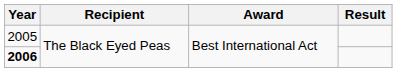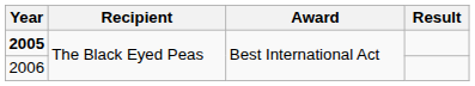 <table style="width: 75%;" class="wikitable">
 <tr>
 <th style="width:6%;"><strong>Year</strong></th>
 <th style="width:40%;"><strong>Recipient</strong></th>
 <th style="width:40%;"><strong>Award</strong></th>
 <th style="width:14%;"><strong>Result</strong></th>
 </tr>
 <tr>
-<td rowspan=1>2005</td>
+<td rowspan=1><strong>2005</strong></td>
 <td rowspan=2>The Black Eyed Peas</td>
 <td rowspan=2>Best International Act</td>
 <td></td>
 </tr>
 <tr>
-<td rowspan=1><strong>2006</strong></td>
+<td rowspan=1>2006</td>
 <td></td>
 </tr>
 </table>
